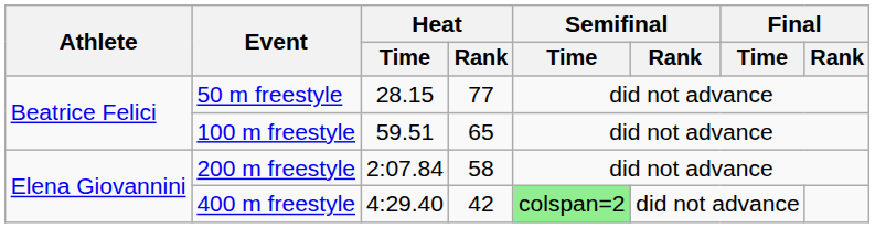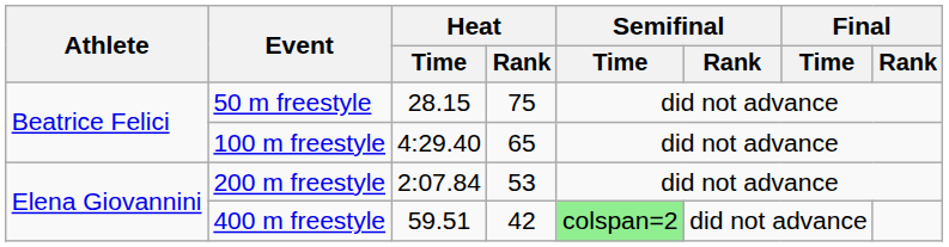 <table class=wikitable style="font-size:90%">
 <tr>
 <th rowspan="2">Athlete</th>
 <th rowspan="2">Event</th>
 <th colspan="2">Heat</th>
 <th colspan="2">Semifinal</th>
 <th colspan="2">Final</th>
 </tr>
 <tr style="font-size:95%">
 <th>Time</th>
 <th>Rank</th>
 <th>Time</th>
 <th>Rank</th>
 <th>Time</th>
 <th>Rank</th>
 </tr>
 <tr align=center>
 <td align=left rowspan=2><a href='#'>Beatrice Felici</a></td>
 <td align=left><a href='#'>50 m freestyle</a></td>
 <td>28.15</td>
-<td>77</td>
+<td>75</td>
 <td colspan=4>did not advance</td>
 </tr>
 <tr align=center>
 <td align=left><a href='#'>100 m freestyle</a></td>
-<td>59.51</td>
+<td>4:29.40</td>
 <td>65</td>
 <td colspan=4>did not advance</td>
 </tr>
 <tr align=center>
 <td align=left rowspan=2><a href='#'>Elena Giovannini</a></td>
 <td align=left><a href='#'>200 m freestyle</a></td>
 <td>2:07.84</td>
-<td>58</td>
+<td>53</td>
 <td colspan=4>did not advance</td>
 </tr>
 <tr align=center>
 <td align=left><a href='#'>400 m freestyle</a></td>
-<td>4:29.40</td>
+<td>59.51</td>
 <td>42</td>
 <td style="background: lightgreen;">colspan=2 </td>
 <td colspan=2>did not advance</td>
 </tr>
 </table>
